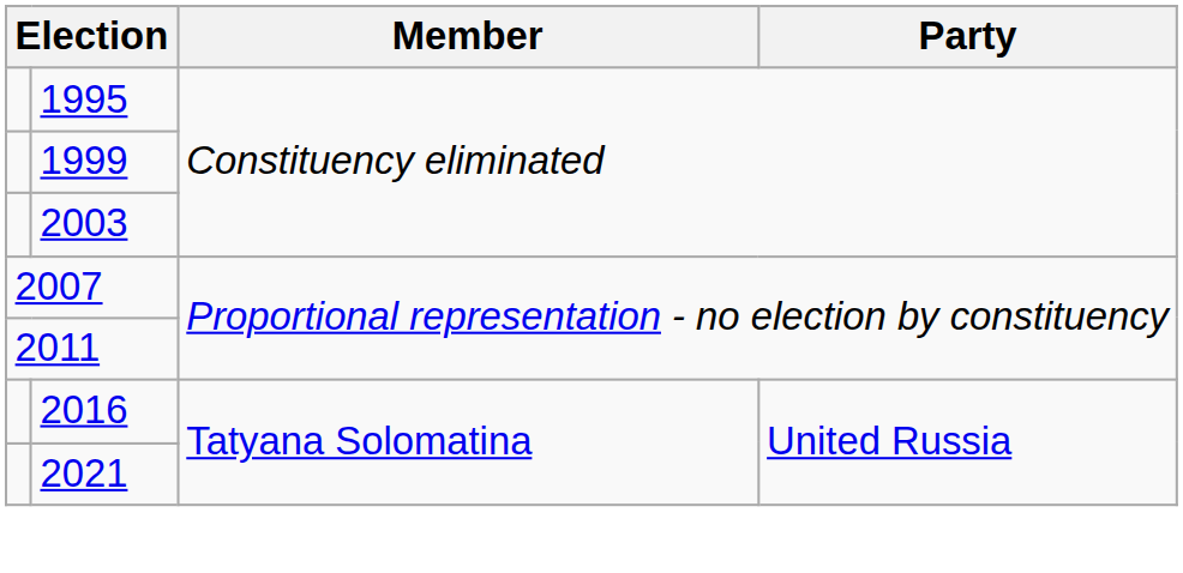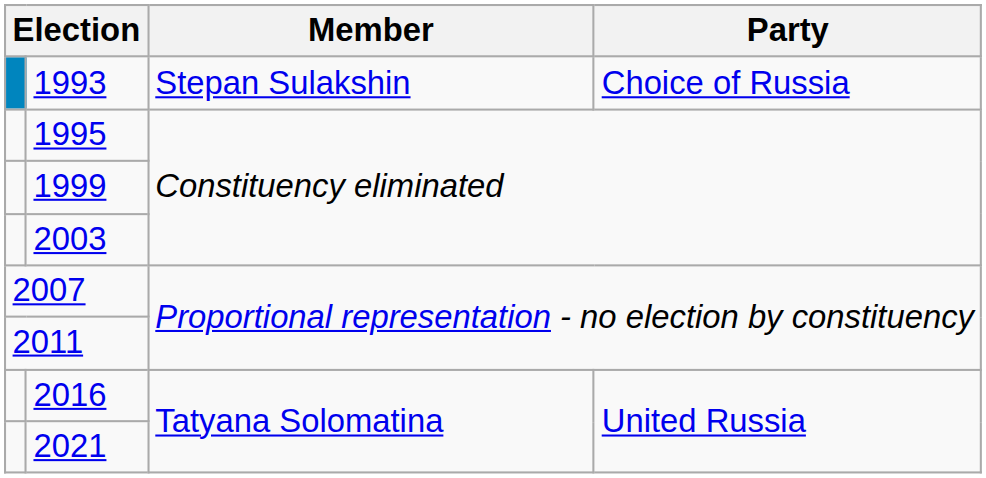 <table class="wikitable">
 <tr>
 <th colspan="2">Election</th>
 <th>Member</th>
 <th>Party</th>
+</tr>
+<tr>
+<td style="background-color:#0085BE"></td>
+<td><a href='#'>1993</a></td>
+<td><a href='#'>Stepan Sulakshin</a></td>
+<td><a href='#'>Choice of Russia</a></td>
 </tr>
 <tr>
 <td style="background-color:"></td>
 <td><a href='#'>1995</a></td>
 <td colspan=2 rowspan=3><em>Constituency eliminated</em></td>
 </tr>
 <tr>
 <td style="background-color:"></td>
 <td><a href='#'>1999</a></td>
 </tr>
 <tr>
 <td style="background-color:"></td>
 <td><a href='#'>2003</a></td>
 </tr>
 <tr>
 <td colspan=2><a href='#'>2007</a></td>
 <td colspan=2 rowspan=2><em><a href='#'>Proportional representation</a> - no election by constituency</em></td>
 </tr>
 <tr>
 <td colspan=2><a href='#'>2011</a></td>
 </tr>
 <tr>
 <td style="background-color: "></td>
 <td><a href='#'>2016</a></td>
 <td rowspan=2><a href='#'>Tatyana Solomatina</a></td>
 <td rowspan=2><a href='#'>United Russia</a></td>
 </tr>
 <tr>
 <td style="background-color: "></td>
 <td><a href='#'>2021</a></td>
 </tr>
 </table>
